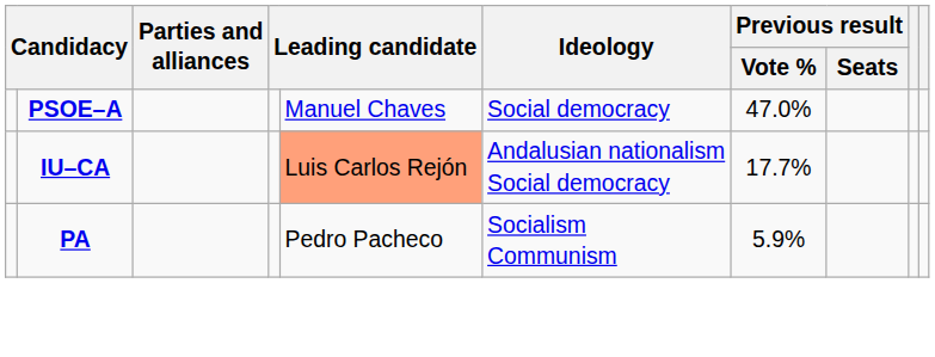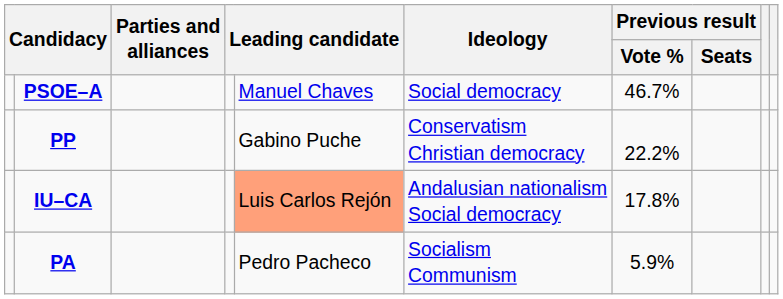 <table class="wikitable" style="line-height:1.35em; text-align:left;">
 <tr>
 <th colspan="2" rowspan="2">Candidacy</th>
 <th rowspan="2">Parties and<br>alliances</th>
 <th colspan="2" rowspan="2">Leading candidate</th>
 <th rowspan="2">Ideology</th>
 <th colspan="2">Previous result</th>
 <th rowspan="2"></th>
 <th rowspan="2"></th>
 </tr>
 <tr>
 <th>Vote %</th>
 <th>Seats</th>
 </tr>
 <tr>
 <td width="1" style="color:inherit;background:"></td>
 <td align="center"><strong><a href='#'>PSOE–A</a></strong></td>
 <td></td>
 <td></td>
 <td><a href='#'>Manuel Chaves</a></td>
 <td><a href='#'>Social democracy</a></td>
-<td align="center">47.0%</td>
+<td align="center">46.7%</td>
+<td></td>
+<td></td>
+<td></td>
+</tr>
+<tr>
+<td style="color:inherit;background:"></td>
+<td align="center"><strong><a href='#'>PP</a></strong></td>
+<td></td>
+<td></td>
+<td>Gabino Puche</td>
+<td><a href='#'>Conservatism</a><br><a href='#'>Christian democracy</a></td>
+<td align="center"><br>22.2%<br></td>
 <td></td>
 <td></td>
 <td></td>
 </tr>
 <tr>
 <td style="color:inherit;background:"></td>
 <td align="center"><strong><a href='#'>IU–CA</a></strong></td>
 <td></td>
 <td></td>
 <td style="background: lightsalmon;">Luis Carlos Rejón</td>
 <td><a href='#'>Andalusian nationalism</a><br><a href='#'>Social democracy</a></td>
-<td align="center">17.7%</td>
+<td align="center">17.8%</td>
 <td></td>
 <td></td>
 <td></td>
 </tr>
 <tr>
 <td style="color:inherit;background:"></td>
 <td align="center"><strong><a href='#'>PA</a></strong></td>
 <td></td>
 <td></td>
 <td>Pedro Pacheco</td>
 <td><a href='#'>Socialism</a><br><a href='#'>Communism</a></td>
 <td align="center">5.9%</td>
 <td></td>
 <td></td>
 <td></td>
 </tr>
 </table>
